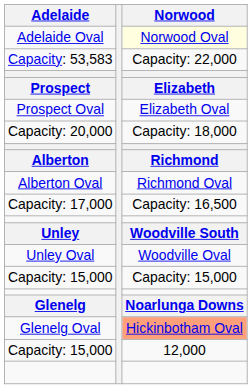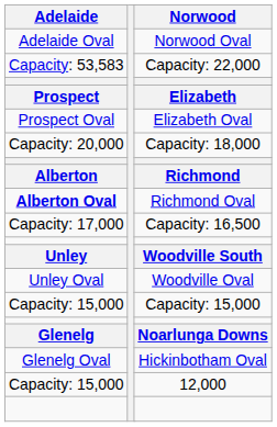 <table class="wikitable" style="text-align:center; margin:0.2em auto;">
 <tr>
 <th><a href='#'>Adelaide</a></th>
 <th colspan="2" rowspan="20"></th>
 <th><a href='#'>Norwood</a></th>
 </tr>
 <tr>
 <td><a href='#'>Adelaide Oval</a></td>
-<td style="background: lightyellow;"><a href='#'>Norwood Oval</a></td>
+<td><a href='#'>Norwood Oval</a></td>
 </tr>
 <tr>
 <td><a href='#'>Capacity</a>: 53,583</td>
 <td>Capacity: 22,000</td>
 </tr>
 <tr>
 <th></th>
 <th></th>
 </tr>
 <tr>
 <th><a href='#'>Prospect</a></th>
 <th><a href='#'>Elizabeth</a></th>
 </tr>
 <tr>
 <td><a href='#'>Prospect Oval</a></td>
 <td><a href='#'>Elizabeth Oval</a></td>
 </tr>
 <tr>
 <td>Capacity: 20,000</td>
 <td>Capacity: 18,000</td>
 </tr>
 <tr>
 <th></th>
 <th></th>
 </tr>
 <tr>
 <th><a href='#'>Alberton</a></th>
 <th><a href='#'>Richmond</a></th>
 </tr>
 <tr>
-<td><a href='#'>Alberton Oval</a></td>
+<td><strong><a href='#'>Alberton Oval</a></strong></td>
 <td><a href='#'>Richmond Oval</a></td>
 </tr>
 <tr>
 <td>Capacity: 17,000</td>
 <td>Capacity: 16,500</td>
 </tr>
 <tr>
 <td></td>
 <td></td>
 </tr>
 <tr>
 <th><a href='#'>Unley</a></th>
 <th><a href='#'>Woodville South</a></th>
 </tr>
 <tr>
 <td><a href='#'>Unley Oval</a></td>
 <td><a href='#'>Woodville Oval</a></td>
 </tr>
 <tr>
 <td>Capacity: 15,000</td>
 <td>Capacity: 15,000</td>
 </tr>
 <tr>
 <td></td>
 <td></td>
 </tr>
 <tr>
 <th><a href='#'>Glenelg</a></th>
 <th><a href='#'>Noarlunga Downs</a></th>
 </tr>
 <tr>
 <td><a href='#'>Glenelg Oval</a></td>
-<td style="background: lightsalmon;"><a href='#'>Hickinbotham Oval</a></td>
+<td><a href='#'>Hickinbotham Oval</a></td>
 </tr>
 <tr>
 <td>Capacity: 15,000</td>
 <td>12,000</td>
 </tr>
 <tr>
 <td><br></td>
 <td></td>
 </tr>
 </table>
